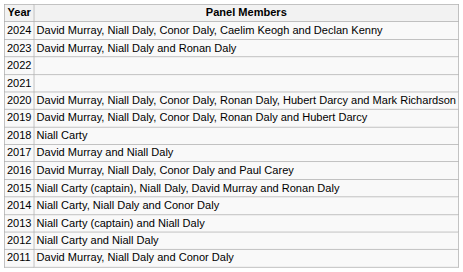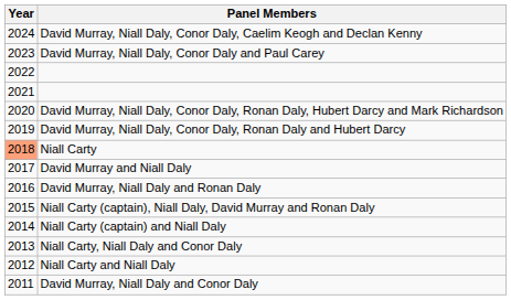 <table class="wikitable">
 <tr>
 <th>Year</th>
 <th>Panel Members</th>
 </tr>
 <tr>
 <td>2024</td>
 <td>David Murray, Niall Daly, Conor Daly, Caelim Keogh and Declan Kenny</td>
 </tr>
 <tr>
 <td>2023</td>
-<td>David Murray, Niall Daly and Ronan Daly</td>
+<td>David Murray, Niall Daly, Conor Daly and Paul Carey</td>
 </tr>
 <tr>
 <td>2022</td>
 <td></td>
 </tr>
 <tr>
 <td>2021</td>
 <td></td>
 </tr>
 <tr>
 <td>2020</td>
 <td>David Murray, Niall Daly, Conor Daly, Ronan Daly, Hubert Darcy and Mark Richardson</td>
 </tr>
 <tr>
 <td>2019</td>
 <td>David Murray, Niall Daly, Conor Daly, Ronan Daly and Hubert Darcy</td>
 </tr>
 <tr>
-<td>2018</td>
+<td style="background: lightsalmon;">2018</td>
 <td>Niall Carty</td>
 </tr>
 <tr>
 <td>2017</td>
 <td>David Murray and Niall Daly</td>
 </tr>
 <tr>
 <td>2016</td>
-<td>David Murray, Niall Daly, Conor Daly and Paul Carey</td>
+<td>David Murray, Niall Daly and Ronan Daly</td>
 </tr>
 <tr>
 <td>2015</td>
 <td>Niall Carty (captain), Niall Daly, David Murray and Ronan Daly</td>
 </tr>
 <tr>
 <td>2014</td>
-<td>Niall Carty, Niall Daly and Conor Daly</td>
+<td>Niall Carty (captain) and Niall Daly</td>
 </tr>
 <tr>
 <td>2013</td>
-<td>Niall Carty (captain) and Niall Daly</td>
+<td>Niall Carty, Niall Daly and Conor Daly</td>
 </tr>
 <tr>
 <td>2012</td>
 <td>Niall Carty and Niall Daly</td>
 </tr>
 <tr>
 <td>2011</td>
 <td>David Murray, Niall Daly and Conor Daly</td>
 </tr>
 </table>
